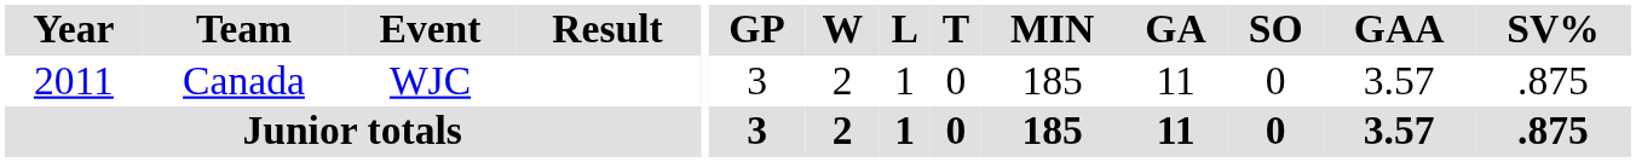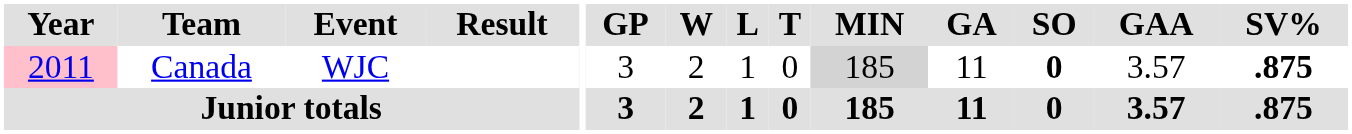 <table border="0" cellpadding="1" cellspacing="0" ID="Table3" style="text-align:center; width:40em">
 <tr ALIGN="center" bgcolor="#e0e0e0">
 <th>Year</th>
 <th>Team</th>
 <th>Event</th>
 <th>Result</th>
 <th rowspan="99" bgcolor="#ffffff"></th>
 <th>GP</th>
 <th>W</th>
 <th>L</th>
 <th>T</th>
 <th>MIN</th>
 <th>GA</th>
 <th>SO</th>
 <th>GAA</th>
 <th>SV%</th>
 </tr>
 <tr ALIGN="center">
-<td><a href='#'>2011</a></td>
+<td style="background: pink;"><a href='#'>2011</a></td>
 <td><a href='#'>Canada</a></td>
 <td><a href='#'>WJC</a></td>
 <td></td>
 <td>3</td>
 <td>2</td>
 <td>1</td>
 <td>0</td>
-<td>185</td>
+<td style="background: lightgrey;">185</td>
 <td>11</td>
-<td>0</td>
+<td><strong>0</strong></td>
 <td>3.57</td>
-<td>.875</td>
+<td><strong>.875</strong></td>
 </tr>
 <tr ALIGN="center" bgcolor="#e0e0e0">
 <th colspan=4>Junior totals</th>
 <th>3</th>
 <th>2</th>
 <th>1</th>
 <th>0</th>
 <th>185</th>
 <th>11</th>
 <th>0</th>
 <th>3.57</th>
 <th>.875</th>
 </tr>
 </table>
